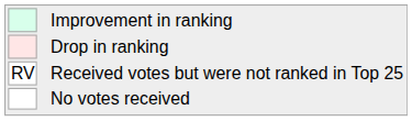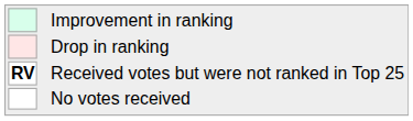 <table align=right style="font-size:90%; border:1px solid #aaaaaa; white-space:nowrap; background:#eeeeee;">
 <tr>
 <td style="background:#d8ffeb; width:20px; border:1px solid #aaaaaa;"> </td>
 <td rowspan=5> </td>
 <td>Improvement in ranking</td>
 </tr>
 <tr>
 <td style="background:#ffe6e6; width:20px; border:1px solid #aaaaaa;"> </td>
 <td>Drop in ranking</td>
 </tr>
 <tr>
-<td align=center style="width:20px; border:1px solid #aaaaaa; background:white;">RV</td>
+<td align=center style="width:20px; border:1px solid #aaaaaa; background:white;"><strong>RV</strong></td>
 <td>Received votes but were not ranked in Top 25</td>
 </tr>
 <tr>
 <td align=center style="width:20px; border:1px solid #aaaaaa; background:white;"></td>
 <td>No votes received</td>
 </tr>
 <tr>
 </tr>
 </table>
